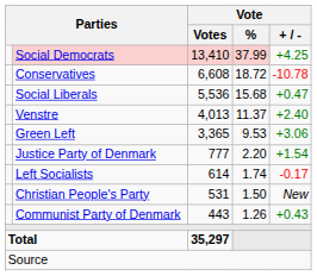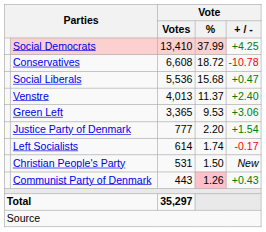 <table class="wikitable" style="text-align:right;">
 <tr>
 <th style="text-align:centre;" rowspan="2" colspan="2" width="225">Parties</th>
 <th colspan="3">Vote</th>
 </tr>
 <tr>
 <th width="15">Votes</th>
 <th width="15">%</th>
 <th width="15">+ / -</th>
 </tr>
 <tr>
 <td width="2" style="color:inherit;background:"></td>
 <td bgcolor=#fbd0ce  align="left"><a href='#'>Social Democrats</a></td>
 <td bgcolor=#fbd0ce>13,410</td>
 <td bgcolor=#fbd0ce>37.99</td>
 <td style=color:green;>+4.25</td>
 </tr>
 <tr>
 <td width="2" style="color:inherit;background:"></td>
 <td align="left"><a href='#'>Conservatives</a></td>
 <td>6,608</td>
 <td>18.72</td>
 <td style=color:red;>-10.78</td>
 </tr>
 <tr>
 <td width="2" style="color:inherit;background:"></td>
 <td align="left"><a href='#'>Social Liberals</a></td>
 <td>5,536</td>
 <td>15.68</td>
 <td style=color:green;>+0.47</td>
 </tr>
 <tr>
 <td width="2" style="color:inherit;background:"></td>
 <td align="left"><a href='#'>Venstre</a></td>
 <td>4,013</td>
 <td>11.37</td>
 <td style=color:green;>+2.40</td>
 </tr>
 <tr>
 <td width="2" style="color:inherit;background:"></td>
 <td align="left"><a href='#'>Green Left</a></td>
 <td>3,365</td>
 <td>9.53</td>
 <td style=color:green;>+3.06</td>
 </tr>
 <tr>
 <td width="2" style="color:inherit;background:"></td>
 <td align="left"><a href='#'>Justice Party of Denmark</a></td>
 <td>777</td>
 <td>2.20</td>
 <td style=color:green;>+1.54</td>
 </tr>
 <tr>
 <td width="2" style="color:inherit;background:"></td>
 <td align="left"><a href='#'>Left Socialists</a></td>
 <td>614</td>
 <td>1.74</td>
 <td style=color:red;>-0.17</td>
 </tr>
 <tr>
 <td width="2" style="color:inherit;background:"></td>
 <td align="left"><a href='#'>Christian People's Party</a></td>
 <td>531</td>
 <td>1.50</td>
 <td><em>New</em></td>
 </tr>
 <tr>
 <td width="2" style="color:inherit;background:"></td>
 <td align="left"><a href='#'>Communist Party of Denmark</a></td>
 <td>443</td>
-<td>1.26</td>
+<td style="background: pink;">1.26</td>
 <td style=color:green;>+0.43</td>
 </tr>
 <tr>
 <td colspan="7" bgcolor="#E9E9E9"></td>
 </tr>
 <tr>
 <td align="left" colspan="2"><strong>Total</strong></td>
 <td><strong>35,297</strong></td>
 <td bgcolor="#E9E9E9" colspan="2"></td>
 </tr>
 <tr>
 <td align="left" colspan="6">Source</td>
 </tr>
 </table>
